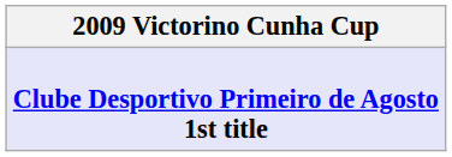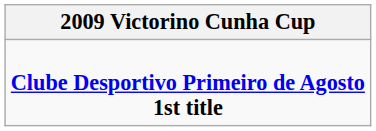 <table class=wikitable style="text-align:center; margin:auto">
 <tr>
 <th>2009 Victorino Cunha Cup</th>
 </tr>
 <tr>
-<td style="background: lavender;"><br><strong><a href='#'>Clube Desportivo Primeiro de Agosto</a></strong><br><strong>1st title</strong></td>
+<td><br><strong><a href='#'>Clube Desportivo Primeiro de Agosto</a></strong><br><strong>1st title</strong></td>
 </tr>
 </table>
